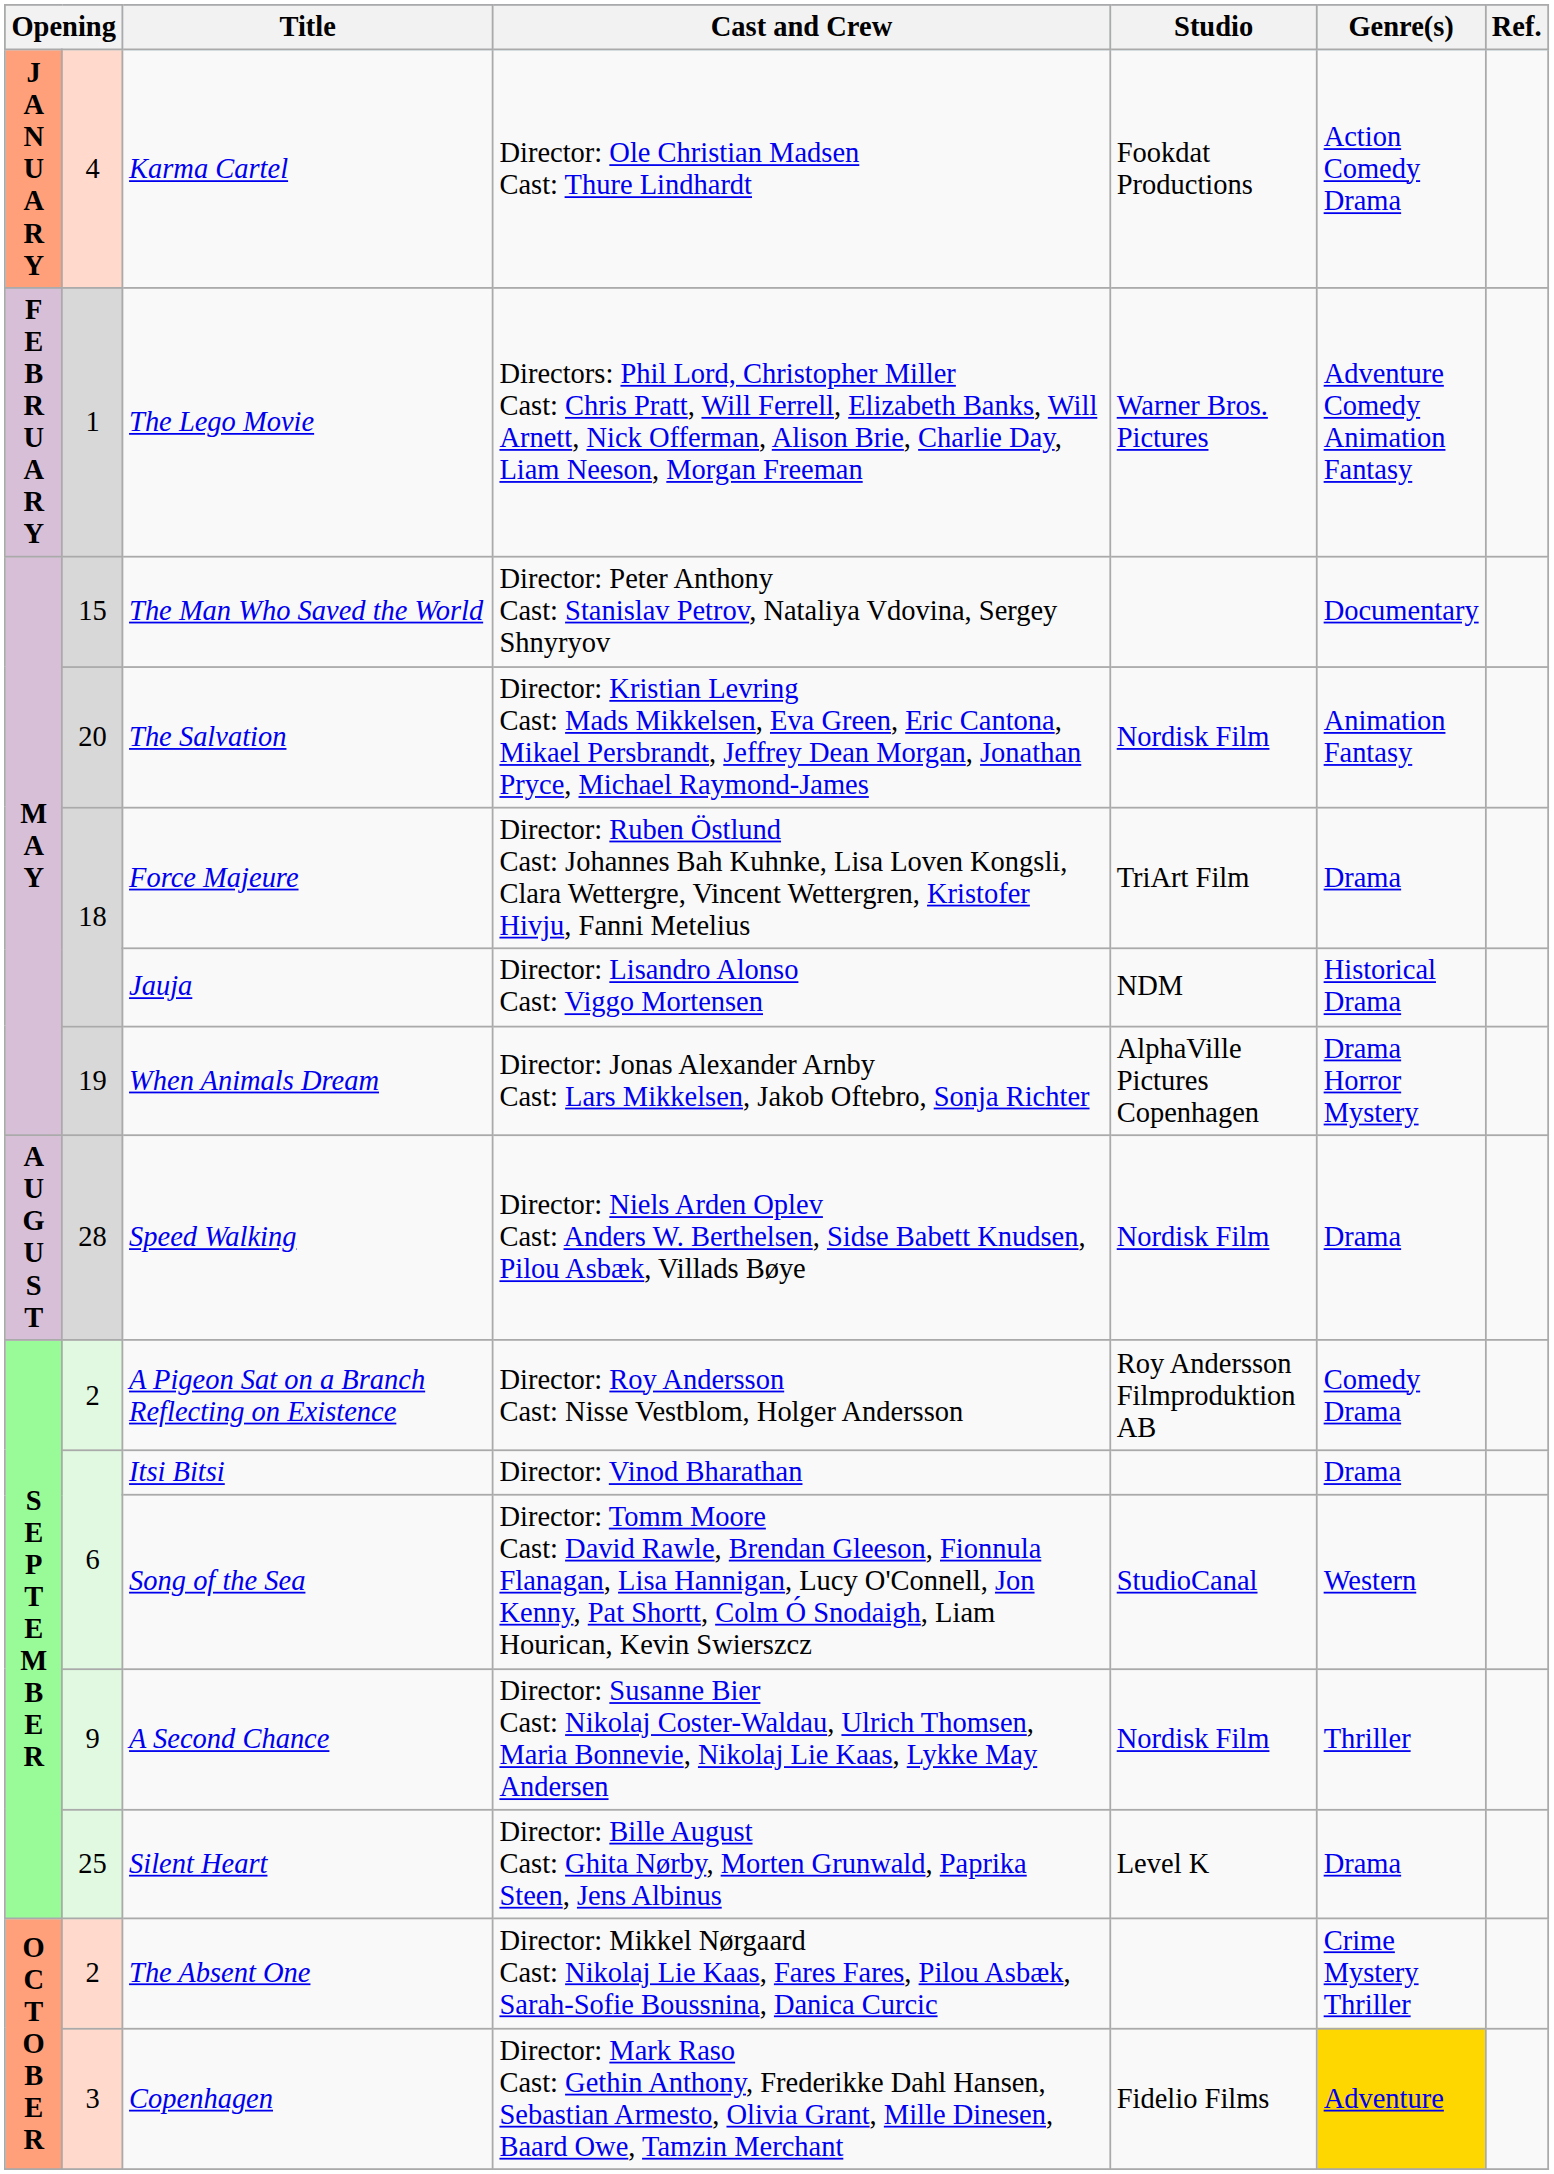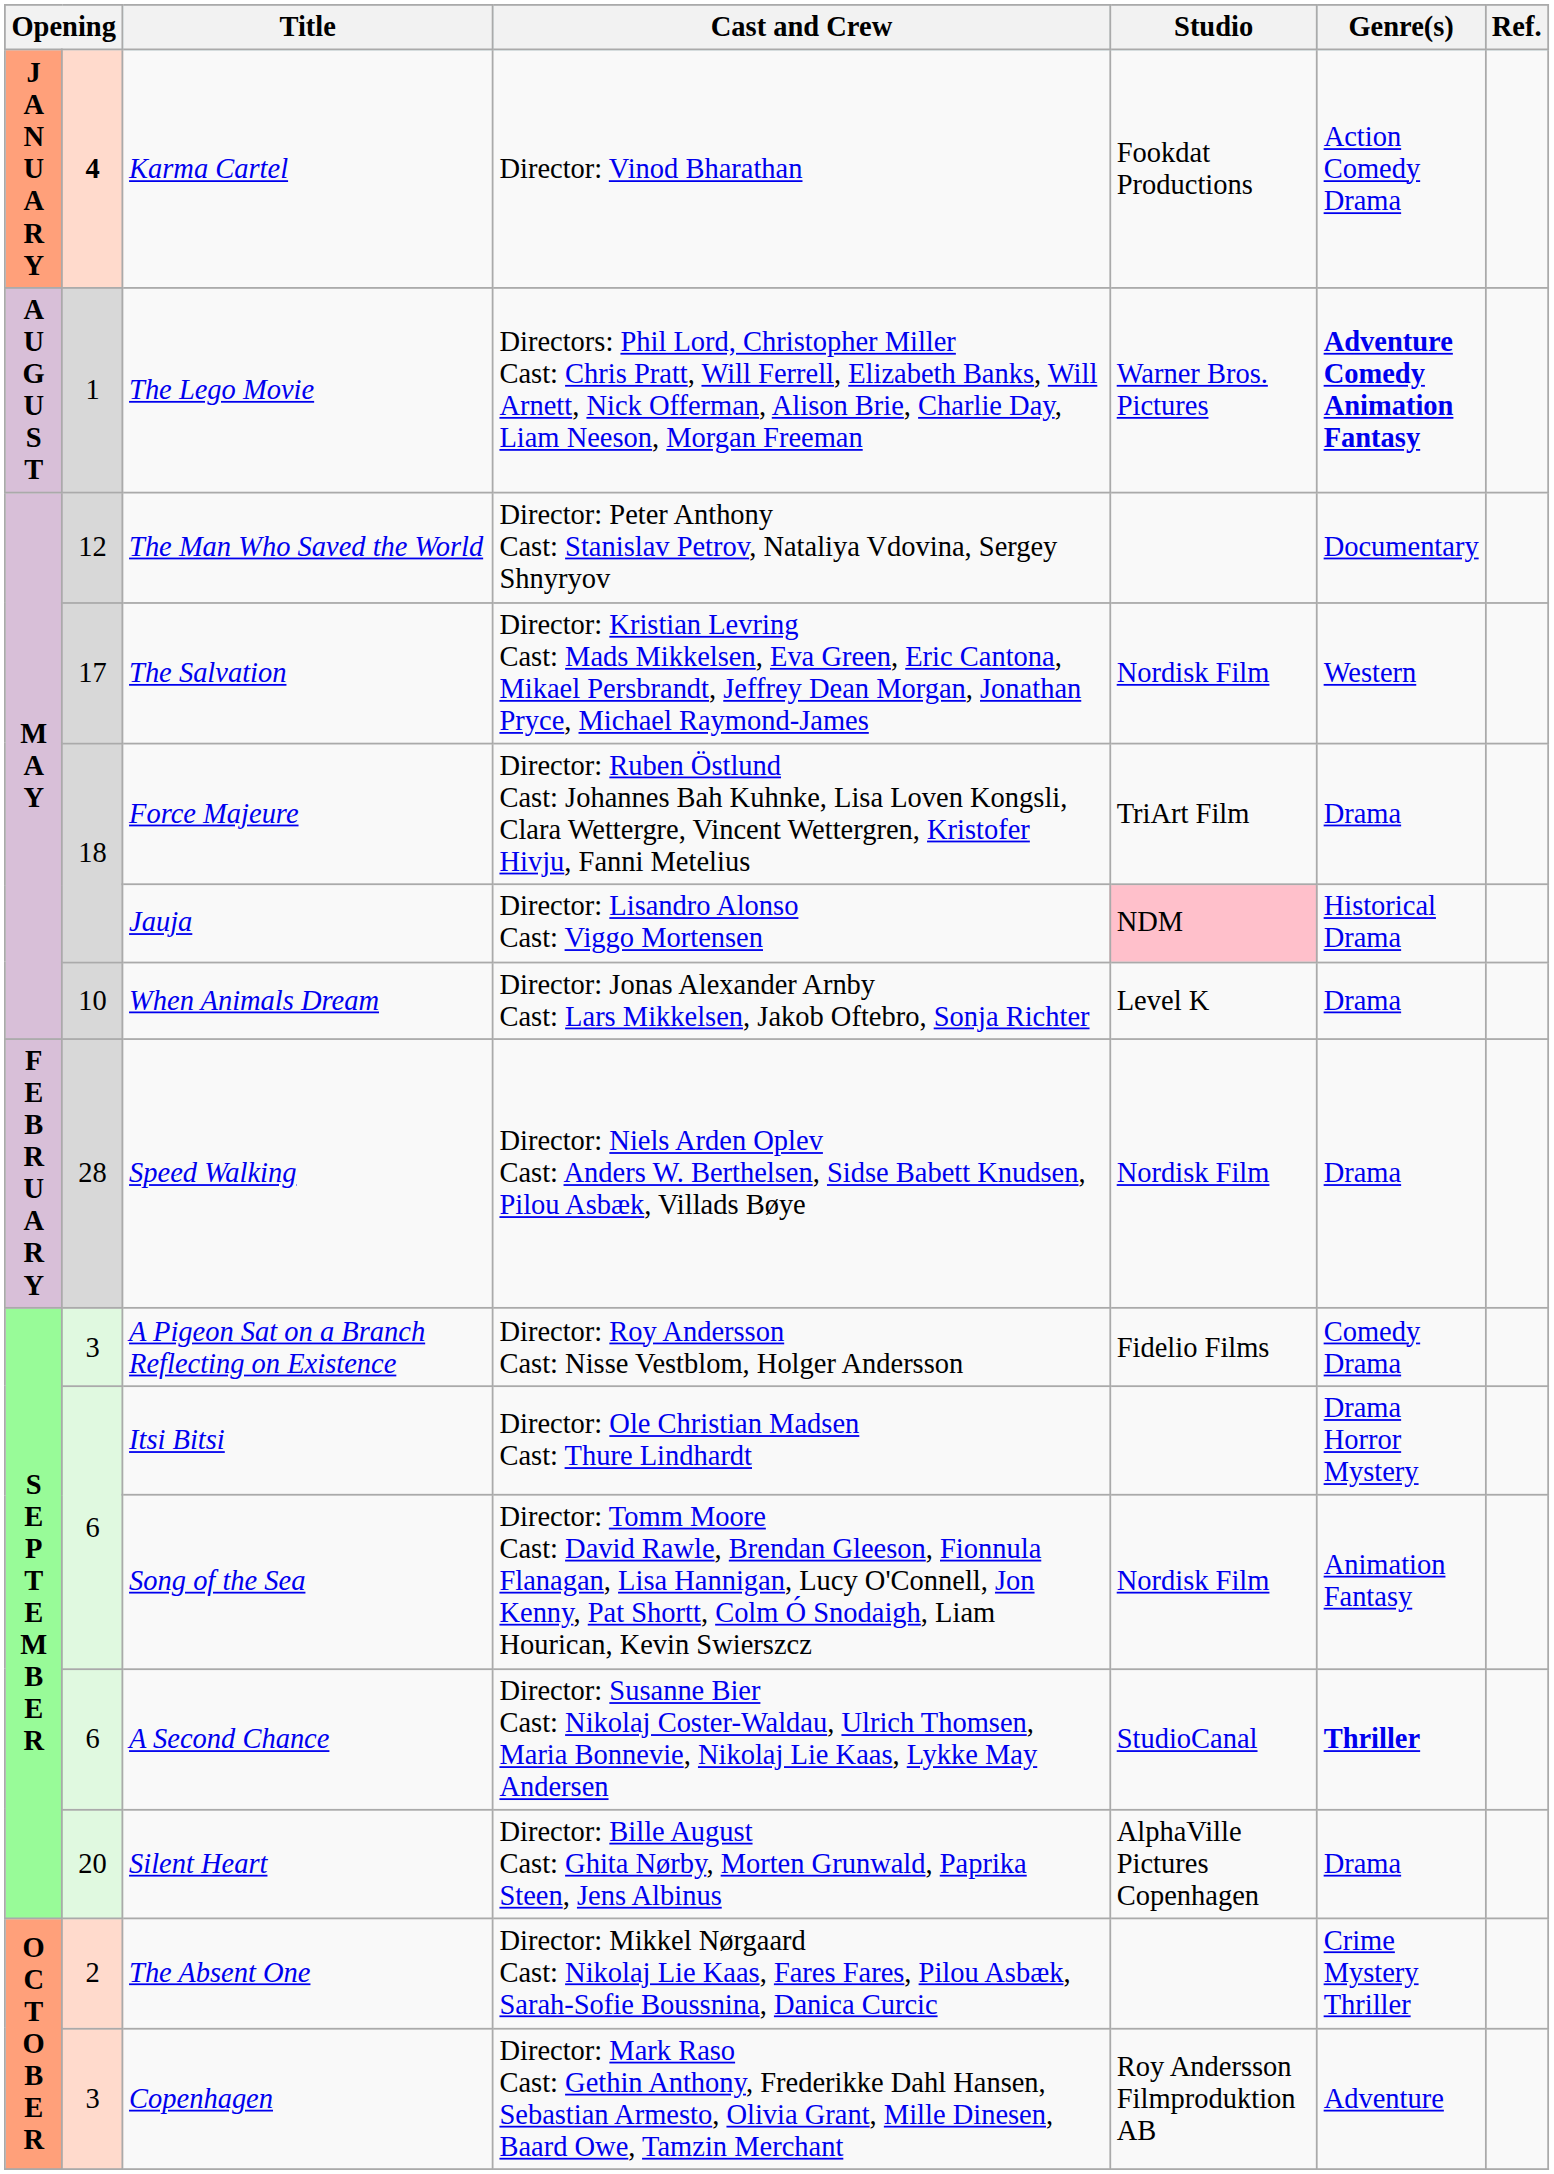 <table class="wikitable">
 <tr style="background:#b0e0e6; text-align:center;">
 <th colspan="2">Opening</th>
 <th style="width:24%;">Title</th>
 <th style="width:40%;">Cast and Crew</th>
 <th>Studio</th>
 <th style="width:10%;">Genre(s)</th>
 <th style="width:2%;">Ref.</th>
 </tr>
 <tr>
 <th rowspan="1" style="text-align:center; background:#ffa07a; textcolor:#000;">J<br>A<br>N<br>U<br>A<br>R<br>Y</th>
-<td rowspan="1" style="text-align:center; background:#ffdacc;">4</td>
+<td rowspan="1" style="text-align:center; background:#ffdacc;"><strong>4</strong></td>
 <td><em><a href='#'>Karma Cartel</a></em></td>
-<td>Director: <a href='#'>Ole Christian Madsen</a> <br> Cast: <a href='#'>Thure Lindhardt</a></td>
+<td>Director: <a href='#'>Vinod Bharathan</a></td>
 <td>Fookdat Productions</td>
 <td><a href='#'>Action</a> <br> <a href='#'>Comedy</a> <br> <a href='#'>Drama</a></td>
 <td style="text-align:center"></td>
 </tr>
 <tr>
-<th rowspan="1" style="text-align:center; background:thistle; textcolor:#000;">F<br>E<br>B<br>R<br>U<br>A<br>R<br>Y</th>
+<th rowspan="1" style="text-align:center; background:thistle; textcolor:#000;">A<br>U<br>G<br>U<br>S<br>T</th>
 <td rowspan="1" style="text-align:center; background:#d8d8d8;">1</td>
 <td><em><a href='#'>The Lego Movie</a></em></td>
 <td>Directors: <a href='#'>Phil Lord, Christopher Miller</a> <br> Cast: <a href='#'>Chris Pratt</a>, <a href='#'>Will Ferrell</a>, <a href='#'>Elizabeth Banks</a>, <a href='#'>Will Arnett</a>, <a href='#'>Nick Offerman</a>, <a href='#'>Alison Brie</a>, <a href='#'>Charlie Day</a>, <a href='#'>Liam Neeson</a>, <a href='#'>Morgan Freeman</a></td>
 <td><a href='#'>Warner Bros. Pictures</a></td>
-<td><a href='#'>Adventure</a> <br> <a href='#'>Comedy</a> <br> <a href='#'>Animation</a> <br> <a href='#'>Fantasy</a></td>
+<td><strong><a href='#'>Adventure</a> <br> <a href='#'>Comedy</a> <br> <a href='#'>Animation</a> <br> <a href='#'>Fantasy</a></strong></td>
 <td style="text-align:center"></td>
 </tr>
 <tr>
 <th rowspan="5" style="text-align:center; background:thistle; textcolor:#000;">M<br>A<br>Y</th>
-<td rowspan="1" style="text-align:center; background:#d8d8d8;">15</td>
+<td rowspan="1" style="text-align:center; background:#d8d8d8;">12</td>
 <td><em><a href='#'>The Man Who Saved the World</a></em></td>
 <td>Director: Peter Anthony <br> Cast: <a href='#'>Stanislav Petrov</a>, Nataliya Vdovina, Sergey Shnyryov</td>
 <td></td>
 <td><a href='#'>Documentary</a></td>
 <td style="text-align:center"></td>
 </tr>
 <tr>
-<td rowspan="1" style="text-align:center; background:#d8d8d8;">20</td>
+<td rowspan="1" style="text-align:center; background:#d8d8d8;">17</td>
 <td><em><a href='#'>The Salvation</a></em></td>
 <td>Director: <a href='#'>Kristian Levring</a> <br> Cast: <a href='#'>Mads Mikkelsen</a>, <a href='#'>Eva Green</a>, <a href='#'>Eric Cantona</a>, <a href='#'>Mikael Persbrandt</a>, <a href='#'>Jeffrey Dean Morgan</a>, <a href='#'>Jonathan Pryce</a>, <a href='#'>Michael Raymond-James</a></td>
 <td><a href='#'>Nordisk Film</a></td>
-<td><a href='#'>Animation</a> <br> <a href='#'>Fantasy</a></td>
+<td><a href='#'>Western</a></td>
 <td style="text-align:center"></td>
 </tr>
 <tr>
 <td rowspan="2" style="text-align:center; background:#d8d8d8;">18</td>
 <td><em><a href='#'>Force Majeure</a></em></td>
 <td>Director: <a href='#'>Ruben Östlund</a> <br> Cast: Johannes Bah Kuhnke, Lisa Loven Kongsli, Clara Wettergre, Vincent Wettergren, <a href='#'>Kristofer Hivju</a>, Fanni Metelius</td>
 <td>TriArt Film</td>
 <td><a href='#'>Drama</a></td>
 <td style="text-align:center"></td>
 </tr>
 <tr>
 <td><em><a href='#'>Jauja</a></em></td>
 <td>Director: <a href='#'>Lisandro Alonso</a> <br> Cast: <a href='#'>Viggo Mortensen</a></td>
-<td>NDM</td>
+<td style="background: pink;">NDM</td>
 <td><a href='#'>Historical</a> <br> <a href='#'>Drama</a></td>
 <td style="text-align:center"></td>
 </tr>
 <tr>
-<td rowspan="1" style="text-align:center; background:#d8d8d8;">19</td>
+<td rowspan="1" style="text-align:center; background:#d8d8d8;">10</td>
 <td><em><a href='#'>When Animals Dream</a></em></td>
 <td>Director: Jonas Alexander Arnby <br> Cast: <a href='#'>Lars Mikkelsen</a>, Jakob Oftebro, <a href='#'>Sonja Richter</a></td>
-<td>AlphaVille Pictures Copenhagen</td>
-<td><a href='#'>Drama</a> <br> <a href='#'>Horror</a> <br> <a href='#'>Mystery</a></td>
+<td>Level K</td>
+<td><a href='#'>Drama</a></td>
 <td style="text-align:center"></td>
 </tr>
 <tr>
-<th rowspan="1" style="text-align:center; background:thistle; textcolor:#000;">A<br>U<br>G<br>U<br>S<br>T</th>
+<th rowspan="1" style="text-align:center; background:thistle; textcolor:#000;">F<br>E<br>B<br>R<br>U<br>A<br>R<br>Y</th>
 <td rowspan="1" style="text-align:center; background:#d8d8d8;">28</td>
 <td><em><a href='#'>Speed Walking</a></em></td>
 <td>Director: <a href='#'>Niels Arden Oplev</a> <br> Cast: <a href='#'>Anders W. Berthelsen</a>, <a href='#'>Sidse Babett Knudsen</a>, <a href='#'>Pilou Asbæk</a>, Villads Bøye</td>
 <td><a href='#'>Nordisk Film</a></td>
 <td><a href='#'>Drama</a></td>
 <td style="text-align:center"></td>
 </tr>
 <tr>
 <th rowspan="5" style="text-align:center; background:#98fb98; textcolor:#000;">S<br>E<br>P<br>T<br>E<br>M<br>B<br>E<br>R</th>
-<td rowspan="1" style="text-align:center; background:#e0f9e0;">2</td>
+<td rowspan="1" style="text-align:center; background:#e0f9e0;">3</td>
 <td><em><a href='#'>A Pigeon Sat on a Branch Reflecting on Existence</a></em></td>
 <td>Director: <a href='#'>Roy Andersson</a> <br> Cast: Nisse Vestblom, Holger Andersson</td>
-<td>Roy Andersson Filmproduktion AB</td>
+<td>Fidelio Films</td>
 <td><a href='#'>Comedy</a> <br> <a href='#'>Drama</a></td>
 <td style="text-align:center"></td>
 </tr>
 <tr>
 <td rowspan="2" style="text-align:center; background:#e0f9e0;">6</td>
 <td><em><a href='#'>Itsi Bitsi</a></em></td>
-<td>Director: <a href='#'>Vinod Bharathan</a></td>
+<td>Director: <a href='#'>Ole Christian Madsen</a> <br> Cast: <a href='#'>Thure Lindhardt</a></td>
 <td></td>
-<td><a href='#'>Drama</a></td>
+<td><a href='#'>Drama</a> <br> <a href='#'>Horror</a> <br> <a href='#'>Mystery</a></td>
 <td style="text-align:center"></td>
 </tr>
 <tr>
 <td><em><a href='#'>Song of the Sea</a></em></td>
 <td>Director: <a href='#'>Tomm Moore</a> <br> Cast: <a href='#'>David Rawle</a>, <a href='#'>Brendan Gleeson</a>, <a href='#'>Fionnula Flanagan</a>, <a href='#'>Lisa Hannigan</a>, Lucy O'Connell, <a href='#'>Jon Kenny</a>, <a href='#'>Pat Shortt</a>, <a href='#'>Colm Ó Snodaigh</a>, Liam Hourican, Kevin Swierszcz</td>
-<td><a href='#'>StudioCanal</a></td>
-<td><a href='#'>Western</a></td>
+<td><a href='#'>Nordisk Film</a></td>
+<td><a href='#'>Animation</a> <br> <a href='#'>Fantasy</a></td>
 <td style="text-align:center"></td>
 </tr>
 <tr>
-<td rowspan="1" style="text-align:center; background:#e0f9e0;">9</td>
+<td rowspan="1" style="text-align:center; background:#e0f9e0;">6</td>
 <td><em><a href='#'>A Second Chance</a></em></td>
 <td>Director: <a href='#'>Susanne Bier</a> <br> Cast: <a href='#'>Nikolaj Coster-Waldau</a>, <a href='#'>Ulrich Thomsen</a>, <a href='#'>Maria Bonnevie</a>, <a href='#'>Nikolaj Lie Kaas</a>, <a href='#'>Lykke May Andersen</a></td>
-<td><a href='#'>Nordisk Film</a></td>
-<td><a href='#'>Thriller</a></td>
+<td><a href='#'>StudioCanal</a></td>
+<td><strong><a href='#'>Thriller</a></strong></td>
 <td style="text-align:center"></td>
 </tr>
 <tr>
-<td rowspan="1" style="text-align:center; background:#e0f9e0;">25</td>
+<td rowspan="1" style="text-align:center; background:#e0f9e0;">20</td>
 <td><em><a href='#'>Silent Heart</a></em></td>
 <td>Director: <a href='#'>Bille August</a> <br> Cast: <a href='#'>Ghita Nørby</a>, <a href='#'>Morten Grunwald</a>, <a href='#'>Paprika Steen</a>, <a href='#'>Jens Albinus</a></td>
-<td>Level K</td>
+<td>AlphaVille Pictures Copenhagen</td>
 <td><a href='#'>Drama</a></td>
 <td style="text-align:center"></td>
 </tr>
 <tr>
 <th rowspan="2" style="text-align:center; background:#ffa07a; textcolor:#000;">O<br>C<br>T<br>O<br>B<br>E<br>R</th>
 <td rowspan="1" style="text-align:center; background:#ffdacc;">2</td>
 <td><em><a href='#'>The Absent One</a></em></td>
 <td>Director: Mikkel Nørgaard <br> Cast: <a href='#'>Nikolaj Lie Kaas</a>, <a href='#'>Fares Fares</a>, <a href='#'>Pilou Asbæk</a>, <a href='#'>Sarah-Sofie Boussnina</a>, <a href='#'>Danica Curcic</a></td>
 <td></td>
 <td><a href='#'>Crime</a> <br> <a href='#'>Mystery</a> <br> <a href='#'>Thriller</a></td>
 <td style="text-align:center"></td>
 </tr>
 <tr>
 <td rowspan="1" style="text-align:center; background:#ffdacc;">3</td>
 <td><em><a href='#'>Copenhagen</a></em></td>
 <td>Director: <a href='#'>Mark Raso</a> <br> Cast: <a href='#'>Gethin Anthony</a>, Frederikke Dahl Hansen, <a href='#'>Sebastian Armesto</a>, <a href='#'>Olivia Grant</a>, <a href='#'>Mille Dinesen</a>, <a href='#'>Baard Owe</a>, <a href='#'>Tamzin Merchant</a></td>
-<td>Fidelio Films</td>
-<td style="background: gold;"><a href='#'>Adventure</a></td>
+<td>Roy Andersson Filmproduktion AB</td>
+<td><a href='#'>Adventure</a></td>
 <td style="text-align:center"></td>
 </tr>
 <tr>
 </tr>
 </table>
